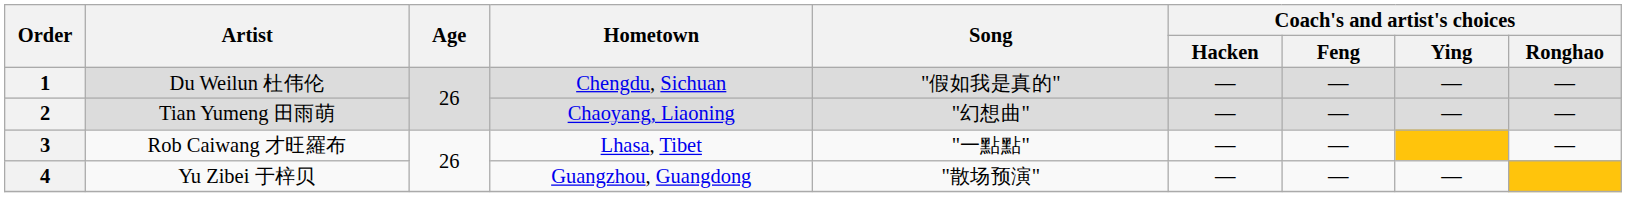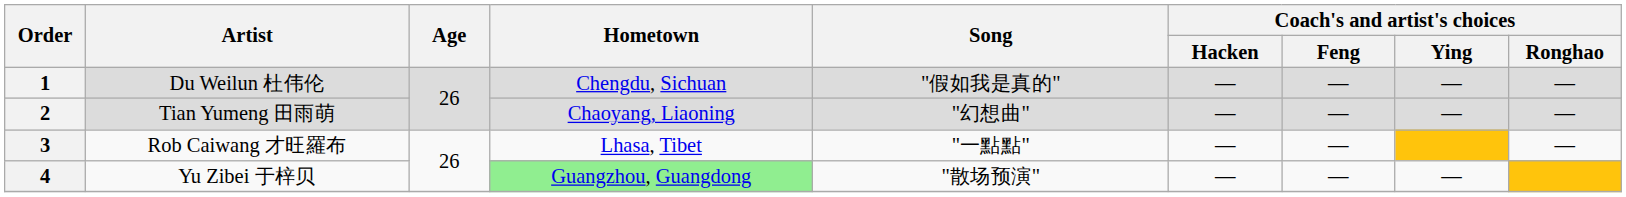 <table class="wikitable" style="text-align:center; line-height:17px; width:100%;">
 <tr>
 <th scope="col" rowspan="2" style="width:05%;">Order</th>
 <th scope="col" rowspan="2" style="width:20%;">Artist</th>
 <th scope="col" rowspan="2" style="width:05%;">Age</th>
 <th scope="col" rowspan="2" style="width:20%;">Hometown</th>
 <th scope="col" rowspan="2" style="width:22%;">Song</th>
 <th scope="col" colspan="4" style="width:28%;">Coach's and artist's choices</th>
 </tr>
 <tr>
 <th style="width:07%;">Hacken</th>
 <th style="width:07%;">Feng</th>
 <th style="width:07%;">Ying</th>
 <th style="width:07%;">Ronghao</th>
 </tr>
 <tr style="background:#DCDCDC;"|>
 <th>1</th>
 <td>Du Weilun 杜伟伦</td>
 <td rowspan=2>26</td>
 <td><a href='#'>Chengdu</a>, <a href='#'>Sichuan</a></td>
 <td>"假如我是真的"</td>
 <td>—</td>
 <td>—</td>
 <td>—</td>
 <td>—</td>
 </tr>
 <tr style="background:#DCDCDC;"|>
 <th>2</th>
 <td>Tian Yumeng 田雨萌</td>
 <td><a href='#'>Chaoyang, Liaoning</a></td>
 <td>"幻想曲"</td>
 <td>—</td>
 <td>—</td>
 <td>—</td>
 <td>—</td>
 </tr>
 <tr>
 <th>3</th>
 <td>Rob Caiwang 才旺羅布</td>
 <td rowspan=2>26</td>
 <td><a href='#'>Lhasa</a>, <a href='#'>Tibet</a></td>
 <td>"一點點"</td>
 <td>—</td>
 <td>—</td>
 <td style="background:#FFC40C;"><strong></strong></td>
 <td>—</td>
 </tr>
 <tr>
 <th>4</th>
 <td>Yu Zibei 于梓贝</td>
-<td><a href='#'>Guangzhou</a>, <a href='#'>Guangdong</a></td>
+<td style="background: lightgreen;"><a href='#'>Guangzhou</a>, <a href='#'>Guangdong</a></td>
 <td>"散场预演"</td>
 <td>—</td>
 <td>—</td>
 <td>—</td>
 <td style="background:#FFC40C;"><strong></strong></td>
 </tr>
 <tr>
 </tr>
 </table>
